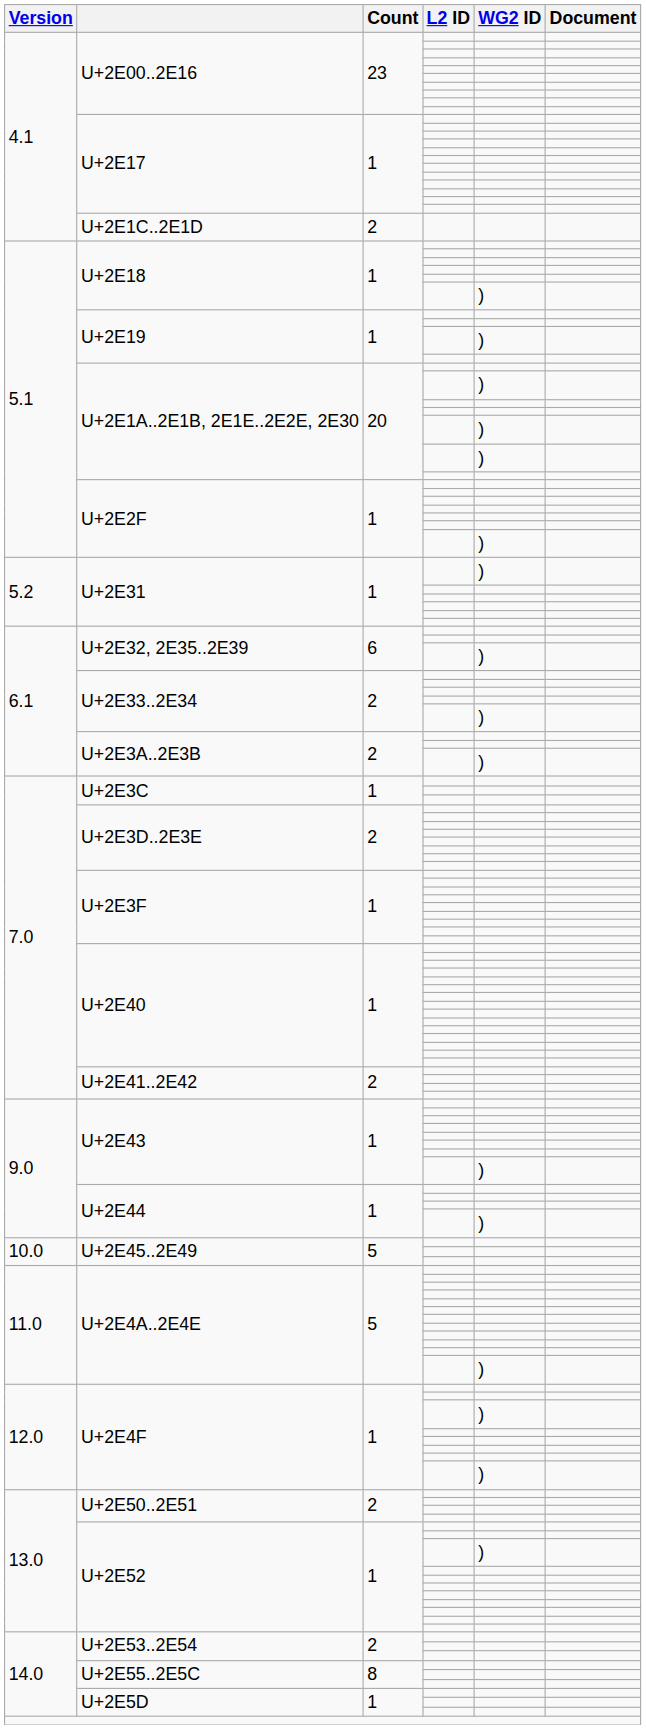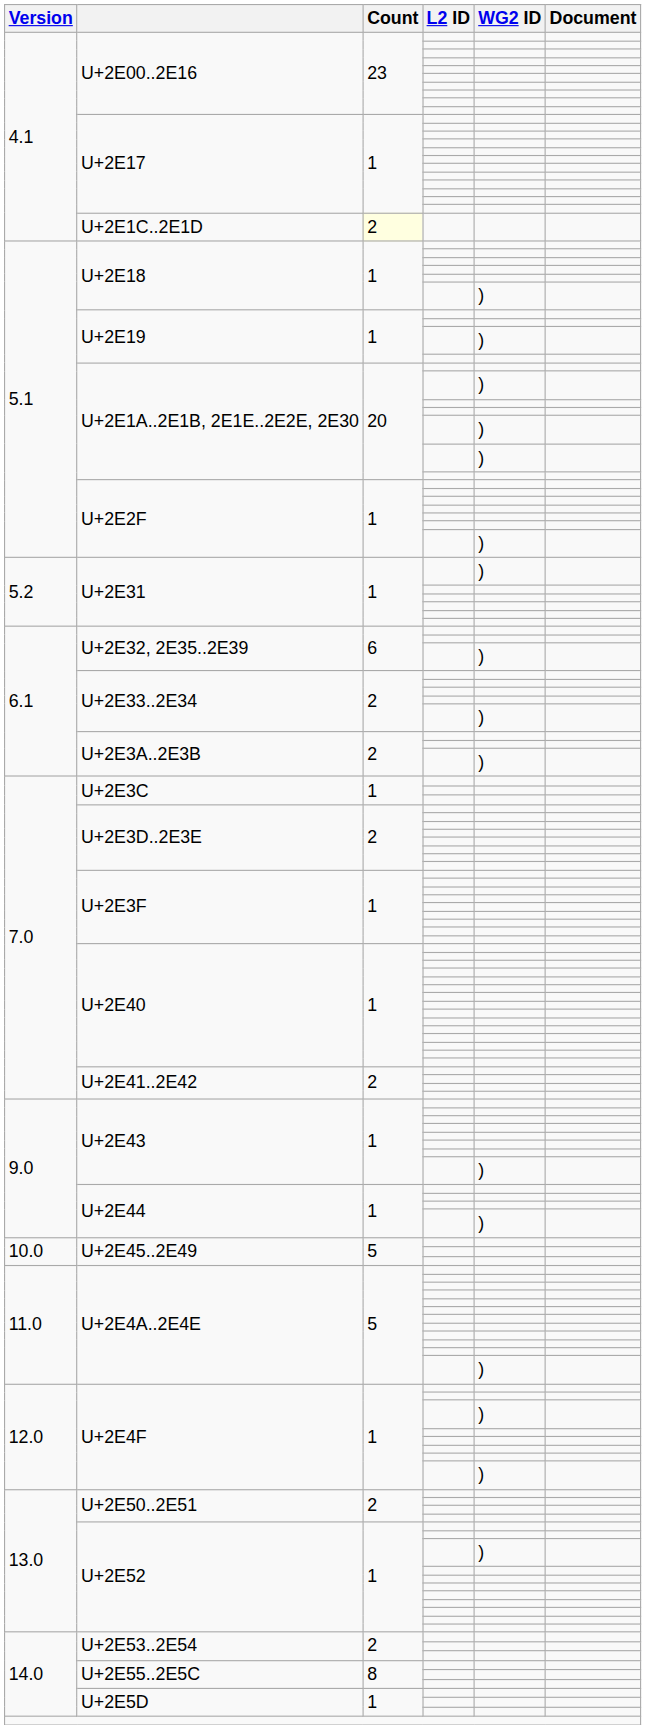 <table class="wikitable collapsible collapsed sticky-header">
 <tr>
 <th><a href='#'>Version</a></th>
 <th></th>
 <th>Count</th>
 <th><a href='#'>L2</a> ID</th>
 <th><a href='#'>WG2</a> ID</th>
 <th>Document</th>
 </tr>
 <tr>
 <td rowspan="23">4.1</td>
 <td rowspan="10">U+2E00..2E16</td>
 <td rowspan="10">23</td>
 <td></td>
 <td></td>
 <td></td>
 </tr>
 <tr>
 <td></td>
 <td></td>
 <td></td>
 </tr>
 <tr>
 <td></td>
 <td></td>
 <td></td>
 </tr>
 <tr>
 <td></td>
 <td></td>
 <td></td>
 </tr>
 <tr>
 <td></td>
 <td></td>
 <td></td>
 </tr>
 <tr>
 <td></td>
 <td></td>
 <td></td>
 </tr>
 <tr>
 <td></td>
 <td></td>
 <td></td>
 </tr>
 <tr>
 <td></td>
 <td></td>
 <td></td>
 </tr>
 <tr>
 <td></td>
 <td></td>
 <td></td>
 </tr>
 <tr>
 <td></td>
 <td></td>
 <td></td>
 </tr>
 <tr>
 <td rowspan="12">U+2E17</td>
 <td rowspan="12">1</td>
 <td></td>
 <td></td>
 <td></td>
 </tr>
 <tr>
 <td></td>
 <td></td>
 <td></td>
 </tr>
 <tr>
 <td></td>
 <td></td>
 <td></td>
 </tr>
 <tr>
 <td></td>
 <td></td>
 <td></td>
 </tr>
 <tr>
 <td></td>
 <td></td>
 <td></td>
 </tr>
 <tr>
 <td></td>
 <td></td>
 <td></td>
 </tr>
 <tr>
 <td></td>
 <td></td>
 <td></td>
 </tr>
 <tr>
 <td></td>
 <td></td>
 <td></td>
 </tr>
 <tr>
 <td></td>
 <td></td>
 <td></td>
 </tr>
 <tr>
 <td></td>
 <td></td>
 <td></td>
 </tr>
 <tr>
 <td></td>
 <td></td>
 <td></td>
 </tr>
 <tr>
 <td></td>
 <td></td>
 <td></td>
 </tr>
 <tr>
 <td>U+2E1C..2E1D</td>
-<td>2</td>
+<td style="background: lightyellow;">2</td>
 <td></td>
 <td></td>
 <td></td>
 </tr>
 <tr>
 <td rowspan="24">5.1</td>
 <td rowspan="6">U+2E18</td>
 <td rowspan="6">1</td>
 <td></td>
 <td></td>
 <td></td>
 </tr>
 <tr>
 <td></td>
 <td></td>
 <td></td>
 </tr>
 <tr>
 <td></td>
 <td></td>
 <td></td>
 </tr>
 <tr>
 <td></td>
 <td></td>
 <td></td>
 </tr>
 <tr>
 <td></td>
 <td></td>
 <td></td>
 </tr>
 <tr>
 <td></td>
 <td> )</td>
 <td></td>
 </tr>
 <tr>
 <td rowspan="4">U+2E19</td>
 <td rowspan="4">1</td>
 <td></td>
 <td></td>
 <td></td>
 </tr>
 <tr>
 <td></td>
 <td></td>
 <td></td>
 </tr>
 <tr>
 <td></td>
 <td> )</td>
 <td></td>
 </tr>
 <tr>
 <td></td>
 <td></td>
 <td></td>
 </tr>
 <tr>
 <td rowspan="7">U+2E1A..2E1B, 2E1E..2E2E, 2E30</td>
 <td rowspan="7">20</td>
 <td></td>
 <td></td>
 <td></td>
 </tr>
 <tr>
 <td></td>
 <td> )</td>
 <td></td>
 </tr>
 <tr>
 <td></td>
 <td></td>
 <td></td>
 </tr>
 <tr>
 <td></td>
 <td></td>
 <td></td>
 </tr>
 <tr>
 <td></td>
 <td> )</td>
 <td></td>
 </tr>
 <tr>
 <td></td>
 <td> )</td>
 <td></td>
 </tr>
 <tr>
 <td></td>
 <td></td>
 <td></td>
 </tr>
 <tr>
 <td rowspan="7">U+2E2F</td>
 <td rowspan="7">1</td>
 <td></td>
 <td></td>
 <td></td>
 </tr>
 <tr>
 <td></td>
 <td></td>
 <td></td>
 </tr>
 <tr>
 <td></td>
 <td></td>
 <td></td>
 </tr>
 <tr>
 <td></td>
 <td></td>
 <td></td>
 </tr>
 <tr>
 <td></td>
 <td></td>
 <td></td>
 </tr>
 <tr>
 <td></td>
 <td></td>
 <td></td>
 </tr>
 <tr>
 <td></td>
 <td> )</td>
 <td></td>
 </tr>
 <tr>
 <td rowspan="6">5.2</td>
 <td rowspan="6">U+2E31</td>
 <td rowspan="6">1</td>
 <td></td>
 <td> )</td>
 <td></td>
 </tr>
 <tr>
 <td></td>
 <td></td>
 <td></td>
 </tr>
 <tr>
 <td></td>
 <td></td>
 <td></td>
 </tr>
 <tr>
 <td></td>
 <td></td>
 <td></td>
 </tr>
 <tr>
 <td></td>
 <td></td>
 <td></td>
 </tr>
 <tr>
 <td></td>
 <td></td>
 <td></td>
 </tr>
 <tr>
 <td rowspan="11">6.1</td>
 <td rowspan="3">U+2E32, 2E35..2E39</td>
 <td rowspan="3">6</td>
 <td></td>
 <td></td>
 <td></td>
 </tr>
 <tr>
 <td></td>
 <td></td>
 <td></td>
 </tr>
 <tr>
 <td></td>
 <td> )</td>
 <td></td>
 </tr>
 <tr>
 <td rowspan="5">U+2E33..2E34</td>
 <td rowspan="5">2</td>
 <td></td>
 <td></td>
 <td></td>
 </tr>
 <tr>
 <td></td>
 <td></td>
 <td></td>
 </tr>
 <tr>
 <td></td>
 <td></td>
 <td></td>
 </tr>
 <tr>
 <td></td>
 <td></td>
 <td></td>
 </tr>
 <tr>
 <td></td>
 <td> )</td>
 <td></td>
 </tr>
 <tr>
 <td rowspan="3">U+2E3A..2E3B</td>
 <td rowspan="3">2</td>
 <td></td>
 <td></td>
 <td></td>
 </tr>
 <tr>
 <td></td>
 <td></td>
 <td></td>
 </tr>
 <tr>
 <td></td>
 <td> )</td>
 <td></td>
 </tr>
 <tr>
 <td rowspan="39">7.0</td>
 <td rowspan="3">U+2E3C</td>
 <td rowspan="3">1</td>
 <td></td>
 <td></td>
 <td></td>
 </tr>
 <tr>
 <td></td>
 <td></td>
 <td></td>
 </tr>
 <tr>
 <td></td>
 <td></td>
 <td></td>
 </tr>
 <tr>
 <td rowspan="8">U+2E3D..2E3E</td>
 <td rowspan="8">2</td>
 <td></td>
 <td></td>
 <td></td>
 </tr>
 <tr>
 <td></td>
 <td></td>
 <td></td>
 </tr>
 <tr>
 <td></td>
 <td></td>
 <td></td>
 </tr>
 <tr>
 <td></td>
 <td></td>
 <td></td>
 </tr>
 <tr>
 <td></td>
 <td></td>
 <td></td>
 </tr>
 <tr>
 <td></td>
 <td></td>
 <td></td>
 </tr>
 <tr>
 <td></td>
 <td></td>
 <td></td>
 </tr>
 <tr>
 <td></td>
 <td></td>
 <td></td>
 </tr>
 <tr>
 <td rowspan="9">U+2E3F</td>
 <td rowspan="9">1</td>
 <td></td>
 <td></td>
 <td></td>
 </tr>
 <tr>
 <td></td>
 <td></td>
 <td></td>
 </tr>
 <tr>
 <td></td>
 <td></td>
 <td></td>
 </tr>
 <tr>
 <td></td>
 <td></td>
 <td></td>
 </tr>
 <tr>
 <td></td>
 <td></td>
 <td></td>
 </tr>
 <tr>
 <td></td>
 <td></td>
 <td></td>
 </tr>
 <tr>
 <td></td>
 <td></td>
 <td></td>
 </tr>
 <tr>
 <td></td>
 <td></td>
 <td></td>
 </tr>
 <tr>
 <td></td>
 <td></td>
 <td></td>
 </tr>
 <tr>
 <td rowspan="15">U+2E40</td>
 <td rowspan="15">1</td>
 <td></td>
 <td></td>
 <td></td>
 </tr>
 <tr>
 <td></td>
 <td></td>
 <td></td>
 </tr>
 <tr>
 <td></td>
 <td></td>
 <td></td>
 </tr>
 <tr>
 <td></td>
 <td></td>
 <td></td>
 </tr>
 <tr>
 <td></td>
 <td></td>
 <td></td>
 </tr>
 <tr>
 <td></td>
 <td></td>
 <td></td>
 </tr>
 <tr>
 <td></td>
 <td></td>
 <td></td>
 </tr>
 <tr>
 <td></td>
 <td></td>
 <td></td>
 </tr>
 <tr>
 <td></td>
 <td></td>
 <td></td>
 </tr>
 <tr>
 <td></td>
 <td></td>
 <td></td>
 </tr>
 <tr>
 <td></td>
 <td></td>
 <td></td>
 </tr>
 <tr>
 <td></td>
 <td></td>
 <td></td>
 </tr>
 <tr>
 <td></td>
 <td></td>
 <td></td>
 </tr>
 <tr>
 <td></td>
 <td></td>
 <td></td>
 </tr>
 <tr>
 <td></td>
 <td></td>
 <td></td>
 </tr>
 <tr>
 <td rowspan="4">U+2E41..2E42</td>
 <td rowspan="4">2</td>
 <td></td>
 <td></td>
 <td></td>
 </tr>
 <tr>
 <td></td>
 <td></td>
 <td></td>
 </tr>
 <tr>
 <td></td>
 <td></td>
 <td></td>
 </tr>
 <tr>
 <td></td>
 <td></td>
 <td></td>
 </tr>
 <tr>
 <td rowspan="12">9.0</td>
 <td rowspan="8">U+2E43</td>
 <td rowspan="8">1</td>
 <td></td>
 <td></td>
 <td></td>
 </tr>
 <tr>
 <td></td>
 <td></td>
 <td></td>
 </tr>
 <tr>
 <td></td>
 <td></td>
 <td></td>
 </tr>
 <tr>
 <td></td>
 <td></td>
 <td></td>
 </tr>
 <tr>
 <td></td>
 <td></td>
 <td></td>
 </tr>
 <tr>
 <td></td>
 <td></td>
 <td></td>
 </tr>
 <tr>
 <td></td>
 <td></td>
 <td></td>
 </tr>
 <tr>
 <td></td>
 <td> )</td>
 <td></td>
 </tr>
 <tr>
 <td rowspan="4">U+2E44</td>
 <td rowspan="4">1</td>
 <td></td>
 <td></td>
 <td></td>
 </tr>
 <tr>
 <td></td>
 <td></td>
 <td></td>
 </tr>
 <tr>
 <td></td>
 <td></td>
 <td></td>
 </tr>
 <tr>
 <td></td>
 <td> )</td>
 <td></td>
 </tr>
 <tr>
 <td rowspan="3">10.0</td>
 <td rowspan="3">U+2E45..2E49</td>
 <td rowspan="3">5</td>
 <td></td>
 <td></td>
 <td></td>
 </tr>
 <tr>
 <td></td>
 <td></td>
 <td></td>
 </tr>
 <tr>
 <td></td>
 <td></td>
 <td></td>
 </tr>
 <tr>
 <td rowspan="12">11.0</td>
 <td rowspan="12">U+2E4A..2E4E</td>
 <td rowspan="12">5</td>
 <td></td>
 <td></td>
 <td></td>
 </tr>
 <tr>
 <td></td>
 <td></td>
 <td></td>
 </tr>
 <tr>
 <td></td>
 <td></td>
 <td></td>
 </tr>
 <tr>
 <td></td>
 <td></td>
 <td></td>
 </tr>
 <tr>
 <td></td>
 <td></td>
 <td></td>
 </tr>
 <tr>
 <td></td>
 <td></td>
 <td></td>
 </tr>
 <tr>
 <td></td>
 <td></td>
 <td></td>
 </tr>
 <tr>
 <td></td>
 <td></td>
 <td></td>
 </tr>
 <tr>
 <td></td>
 <td></td>
 <td></td>
 </tr>
 <tr>
 <td></td>
 <td></td>
 <td></td>
 </tr>
 <tr>
 <td></td>
 <td></td>
 <td></td>
 </tr>
 <tr>
 <td></td>
 <td> )</td>
 <td></td>
 </tr>
 <tr>
 <td rowspan="8">12.0</td>
 <td rowspan="8">U+2E4F</td>
 <td rowspan="8">1</td>
 <td></td>
 <td></td>
 <td></td>
 </tr>
 <tr>
 <td></td>
 <td></td>
 <td></td>
 </tr>
 <tr>
 <td></td>
 <td> )</td>
 <td></td>
 </tr>
 <tr>
 <td></td>
 <td></td>
 <td></td>
 </tr>
 <tr>
 <td></td>
 <td></td>
 <td></td>
 </tr>
 <tr>
 <td></td>
 <td></td>
 <td></td>
 </tr>
 <tr>
 <td></td>
 <td></td>
 <td></td>
 </tr>
 <tr>
 <td></td>
 <td> )</td>
 <td></td>
 </tr>
 <tr>
 <td rowspan="15">13.0</td>
 <td rowspan="4">U+2E50..2E51</td>
 <td rowspan="4">2</td>
 <td></td>
 <td></td>
 <td></td>
 </tr>
 <tr>
 <td></td>
 <td></td>
 <td></td>
 </tr>
 <tr>
 <td></td>
 <td></td>
 <td></td>
 </tr>
 <tr>
 <td></td>
 <td></td>
 <td></td>
 </tr>
 <tr>
 <td rowspan="11">U+2E52</td>
 <td rowspan="11">1</td>
 <td></td>
 <td></td>
 <td></td>
 </tr>
 <tr>
 <td></td>
 <td></td>
 <td></td>
 </tr>
 <tr>
 <td></td>
 <td> )</td>
 <td></td>
 </tr>
 <tr>
 <td></td>
 <td></td>
 <td></td>
 </tr>
 <tr>
 <td></td>
 <td></td>
 <td></td>
 </tr>
 <tr>
 <td></td>
 <td></td>
 <td></td>
 </tr>
 <tr>
 <td></td>
 <td></td>
 <td></td>
 </tr>
 <tr>
 <td></td>
 <td></td>
 <td></td>
 </tr>
 <tr>
 <td></td>
 <td></td>
 <td></td>
 </tr>
 <tr>
 <td></td>
 <td></td>
 <td></td>
 </tr>
 <tr>
 <td></td>
 <td></td>
 <td></td>
 </tr>
 <tr>
 <td rowspan="9">14.0</td>
 <td rowspan="3">U+2E53..2E54</td>
 <td rowspan="3">2</td>
 <td></td>
 <td></td>
 <td></td>
 </tr>
 <tr>
 <td></td>
 <td></td>
 <td></td>
 </tr>
 <tr>
 <td></td>
 <td></td>
 <td></td>
 </tr>
 <tr>
 <td rowspan="3">U+2E55..2E5C</td>
 <td rowspan="3">8</td>
 <td></td>
 <td></td>
 <td></td>
 </tr>
 <tr>
 <td></td>
 <td></td>
 <td></td>
 </tr>
 <tr>
 <td></td>
 <td></td>
 <td></td>
 </tr>
 <tr>
 <td rowspan="3">U+2E5D</td>
 <td rowspan="3">1</td>
 <td></td>
 <td></td>
 <td></td>
 </tr>
 <tr>
 <td></td>
 <td></td>
 <td></td>
 </tr>
 <tr>
 <td></td>
 <td></td>
 <td></td>
 </tr>
 <tr class="sortbottom">
 <td colspan="6"></td>
 </tr>
 </table>
